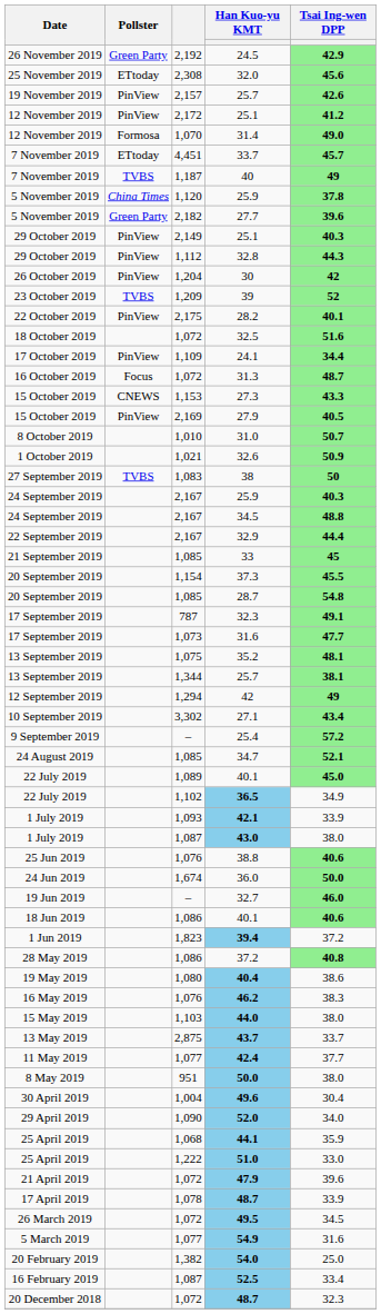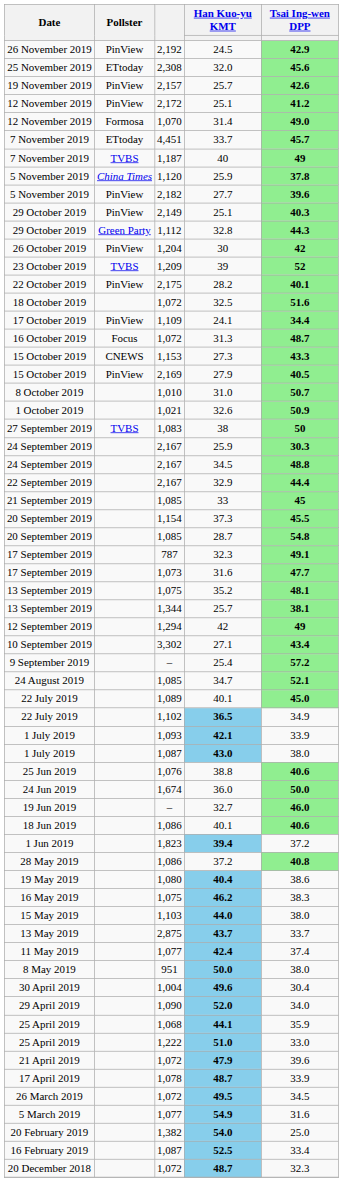 <table class="wikitable sortable collapsible" style="font-size:95%; text-align:center">
 <tr>
 <th rowspan=2>Date</th>
 <th rowspan=2>Pollster</th>
 <th rowspan=2></th>
 <th width=100px><a href='#'>Han Kuo-yu</a><br><a href='#'>KMT</a></th>
 <th width=100px><a href='#'>Tsai Ing-wen</a><br><a href='#'>DPP</a></th>
 </tr>
 <tr>
 <th style="background:"></th>
 <th style="background:"></th>
 </tr>
 <tr>
 <td>26 November 2019</td>
-<td><a href='#'>Green Party</a></td>
+<td>PinView</td>
 <td>2,192</td>
 <td>24.5</td>
 <td bgcolor="#90ee90"><strong>42.9</strong></td>
 </tr>
 <tr>
 <td>25 November 2019</td>
 <td>ETtoday</td>
 <td>2,308</td>
 <td>32.0</td>
 <td bgcolor="#90ee90"><strong>45.6</strong></td>
 </tr>
 <tr>
 <td>19 November 2019</td>
 <td>PinView</td>
 <td>2,157</td>
 <td>25.7</td>
 <td bgcolor="#90ee90"><strong>42.6</strong></td>
 </tr>
 <tr>
 <td>12 November 2019</td>
 <td>PinView</td>
 <td>2,172</td>
 <td>25.1</td>
 <td bgcolor="#90ee90"><strong>41.2</strong></td>
 </tr>
 <tr>
 <td>12 November 2019</td>
 <td>Formosa</td>
 <td>1,070</td>
 <td>31.4</td>
 <td bgcolor="#90ee90"><strong>49.0</strong></td>
 </tr>
 <tr>
 <td>7 November 2019</td>
 <td>ETtoday</td>
 <td>4,451</td>
 <td>33.7</td>
 <td bgcolor="#90ee90"><strong>45.7</strong></td>
 </tr>
 <tr>
 <td>7 November 2019</td>
 <td><a href='#'>TVBS</a></td>
 <td>1,187</td>
 <td>40</td>
 <td bgcolor="#90ee90"><strong>49</strong></td>
 </tr>
 <tr>
 <td>5 November 2019</td>
 <td><em><a href='#'>China Times</a></em></td>
 <td>1,120</td>
 <td>25.9</td>
 <td bgcolor="#90ee90"><strong>37.8</strong></td>
 </tr>
 <tr>
 <td>5 November 2019</td>
-<td><a href='#'>Green Party</a></td>
+<td>PinView</td>
 <td>2,182</td>
 <td>27.7</td>
 <td bgcolor="#90ee90"><strong>39.6</strong></td>
 </tr>
 <tr>
 <td>29 October 2019</td>
 <td>PinView</td>
 <td>2,149</td>
 <td>25.1</td>
 <td bgcolor="#90ee90"><strong>40.3</strong></td>
 </tr>
 <tr>
 <td>29 October 2019</td>
-<td>PinView</td>
+<td><a href='#'>Green Party</a></td>
 <td>1,112</td>
 <td>32.8</td>
 <td bgcolor="#90ee90"><strong>44.3</strong></td>
 </tr>
 <tr>
 <td>26 October 2019</td>
 <td>PinView</td>
 <td>1,204</td>
 <td>30</td>
 <td bgcolor="#90ee90"><strong>42</strong></td>
 </tr>
 <tr>
 <td>23 October 2019</td>
 <td><a href='#'>TVBS</a></td>
 <td>1,209</td>
 <td>39</td>
 <td bgcolor="#90ee90"><strong>52</strong></td>
 </tr>
 <tr>
 <td>22 October 2019</td>
 <td>PinView</td>
 <td>2,175</td>
 <td>28.2</td>
 <td bgcolor="#90ee90"><strong>40.1</strong></td>
 </tr>
 <tr>
 <td>18 October 2019</td>
 <td></td>
 <td>1,072</td>
 <td>32.5</td>
 <td bgcolor="#90ee90"><strong>51.6</strong></td>
 </tr>
 <tr>
 <td>17 October 2019</td>
 <td>PinView</td>
 <td>1,109</td>
 <td>24.1</td>
 <td bgcolor="#90ee90"><strong>34.4</strong></td>
 </tr>
 <tr>
 <td>16 October 2019</td>
 <td>Focus </td>
 <td>1,072</td>
 <td>31.3</td>
 <td bgcolor="#90ee90"><strong>48.7</strong></td>
 </tr>
 <tr>
 <td>15 October 2019</td>
 <td>CNEWS </td>
 <td>1,153</td>
 <td>27.3</td>
 <td bgcolor="#90ee90"><strong>43.3</strong></td>
 </tr>
 <tr>
 <td>15 October 2019</td>
 <td>PinView </td>
 <td>2,169</td>
 <td>27.9</td>
 <td bgcolor="#90ee90"><strong>40.5</strong></td>
 </tr>
 <tr>
 <td>8 October 2019</td>
 <td></td>
 <td>1,010</td>
 <td>31.0</td>
 <td bgcolor="#90ee90"><strong>50.7</strong></td>
 </tr>
 <tr>
 <td>1 October 2019</td>
 <td></td>
 <td>1,021</td>
 <td>32.6</td>
 <td bgcolor="#90ee90"><strong>50.9</strong></td>
 </tr>
 <tr>
 <td>27 September 2019</td>
 <td><a href='#'>TVBS</a></td>
 <td>1,083</td>
 <td>38</td>
 <td bgcolor="#90ee90"><strong>50</strong></td>
 </tr>
 <tr>
 <td>24 September 2019</td>
 <td></td>
 <td>2,167</td>
 <td>25.9</td>
-<td bgcolor="#90ee90"><strong>40.3</strong></td>
+<td bgcolor="#90ee90"><strong>30.3</strong></td>
 </tr>
 <tr>
 <td>24 September 2019</td>
 <td></td>
 <td>2,167</td>
 <td>34.5</td>
 <td bgcolor="#90ee90"><strong>48.8</strong></td>
 </tr>
 <tr>
 <td>22 September 2019</td>
 <td></td>
 <td>2,167</td>
 <td>32.9</td>
 <td bgcolor="#90ee90"><strong>44.4</strong></td>
 </tr>
 <tr>
 <td>21 September 2019</td>
 <td></td>
 <td>1,085</td>
 <td>33</td>
 <td bgcolor="#90ee90"><strong>45</strong></td>
 </tr>
 <tr>
 <td>20 September 2019</td>
 <td></td>
 <td>1,154</td>
 <td>37.3</td>
 <td bgcolor="#90ee90"><strong>45.5</strong></td>
 </tr>
 <tr>
 <td>20 September 2019</td>
 <td></td>
 <td>1,085</td>
 <td>28.7</td>
 <td bgcolor="#90ee90"><strong>54.8</strong></td>
 </tr>
 <tr>
 <td>17 September 2019</td>
 <td></td>
 <td>787</td>
 <td>32.3</td>
 <td bgcolor="#90ee90"><strong>49.1</strong></td>
 </tr>
 <tr>
 <td>17 September 2019</td>
 <td></td>
 <td>1,073</td>
 <td>31.6</td>
 <td bgcolor="#90ee90"><strong>47.7</strong></td>
 </tr>
 <tr>
 <td>13 September 2019</td>
 <td></td>
 <td>1,075</td>
 <td>35.2</td>
 <td bgcolor="#90ee90"><strong>48.1</strong></td>
 </tr>
 <tr>
 <td>13 September 2019</td>
 <td></td>
 <td>1,344</td>
 <td>25.7</td>
 <td bgcolor="#90ee90"><strong>38.1</strong></td>
 </tr>
 <tr>
 <td>12 September 2019</td>
 <td></td>
 <td>1,294</td>
 <td>42</td>
 <td bgcolor="#90ee90"><strong>49</strong></td>
 </tr>
 <tr>
 <td>10 September 2019</td>
 <td></td>
 <td>3,302</td>
 <td>27.1</td>
 <td bgcolor="#90ee90"><strong>43.4</strong></td>
 </tr>
 <tr>
 <td>9 September 2019</td>
 <td></td>
 <td>–</td>
 <td>25.4</td>
 <td bgcolor="#90ee90"><strong>57.2</strong></td>
 </tr>
 <tr>
 <td>24 August 2019</td>
 <td></td>
 <td>1,085</td>
 <td>34.7</td>
 <td bgcolor="#90ee90"><strong>52.1</strong></td>
 </tr>
 <tr>
 <td>22 July 2019</td>
 <td></td>
 <td>1,089</td>
 <td>40.1</td>
 <td bgcolor="#90ee90"><strong>45.0</strong></td>
 </tr>
 <tr>
 <td>22 July 2019</td>
 <td></td>
 <td>1,102</td>
 <td bgcolor="#87ceeb"><strong>36.5</strong></td>
 <td>34.9</td>
 </tr>
 <tr>
 <td>1 July 2019</td>
 <td></td>
 <td>1,093</td>
 <td bgcolor="#87ceeb"><strong>42.1</strong></td>
 <td>33.9</td>
 </tr>
 <tr>
 <td>1 July 2019</td>
 <td></td>
 <td>1,087</td>
 <td bgcolor="#87ceeb"><strong>43.0</strong></td>
 <td>38.0</td>
 </tr>
 <tr>
 <td>25 Jun 2019</td>
 <td></td>
 <td>1,076</td>
 <td>38.8</td>
 <td bgcolor="#90ee90"><strong>40.6</strong></td>
 </tr>
 <tr>
 <td>24 Jun 2019</td>
 <td></td>
 <td>1,674</td>
 <td>36.0</td>
 <td bgcolor="#90ee90"><strong>50.0</strong></td>
 </tr>
 <tr>
 <td>19 Jun 2019</td>
 <td></td>
 <td>–</td>
 <td>32.7</td>
 <td bgcolor="#90ee90"><strong>46.0</strong></td>
 </tr>
 <tr>
 <td>18 Jun 2019</td>
 <td></td>
 <td>1,086</td>
 <td>40.1</td>
 <td bgcolor="#90ee90"><strong>40.6</strong></td>
 </tr>
 <tr>
 <td>1 Jun 2019</td>
 <td></td>
 <td>1,823</td>
 <td style="background-color:skyblue;"><strong>39.4</strong></td>
 <td>37.2</td>
 </tr>
 <tr>
 <td>28 May 2019</td>
 <td></td>
 <td>1,086</td>
 <td>37.2</td>
 <td style="background-color:lightgreen;"><strong>40.8</strong></td>
 </tr>
 <tr>
 <td>19 May 2019</td>
 <td></td>
 <td>1,080</td>
 <td style="background-color:skyblue;"><strong>40.4</strong></td>
 <td>38.6</td>
 </tr>
 <tr>
 <td>16 May 2019</td>
 <td></td>
-<td>1,076</td>
+<td>1,075</td>
 <td style="background-color:skyblue;"><strong>46.2</strong></td>
 <td>38.3</td>
 </tr>
 <tr>
 <td>15 May 2019</td>
 <td></td>
 <td>1,103</td>
 <td style="background-color:skyblue;"><strong>44.0</strong></td>
 <td>38.0</td>
 </tr>
 <tr>
 <td>13 May 2019</td>
 <td></td>
 <td>2,875</td>
 <td style="background-color:skyblue;"><strong>43.7</strong></td>
 <td>33.7</td>
 </tr>
 <tr>
 <td>11 May 2019</td>
 <td></td>
 <td>1,077</td>
 <td style="background-color:skyblue;"><strong>42.4</strong></td>
-<td>37.7</td>
+<td>37.4</td>
 </tr>
 <tr>
 <td>8 May 2019</td>
 <td></td>
 <td>951</td>
 <td style="background-color:skyblue;"><strong>50.0</strong></td>
 <td>38.0</td>
 </tr>
 <tr>
 <td>30 April 2019</td>
 <td></td>
 <td>1,004</td>
 <td style="background-color:skyblue;"><strong>49.6</strong></td>
 <td>30.4</td>
 </tr>
 <tr>
 <td>29 April 2019</td>
 <td></td>
 <td>1,090</td>
 <td style="background-color:skyblue;"><strong>52.0</strong></td>
 <td>34.0</td>
 </tr>
 <tr>
 <td>25 April 2019</td>
 <td></td>
 <td>1,068</td>
 <td style="background-color:skyblue;"><strong>44.1</strong></td>
 <td>35.9</td>
 </tr>
 <tr>
 <td>25 April 2019</td>
 <td></td>
 <td>1,222</td>
 <td style="background-color:skyblue;"><strong>51.0</strong></td>
 <td>33.0</td>
 </tr>
 <tr>
 <td>21 April 2019</td>
 <td></td>
 <td>1,072</td>
 <td style="background-color:skyblue;"><strong>47.9</strong></td>
 <td>39.6</td>
 </tr>
 <tr>
 <td>17 April 2019</td>
 <td></td>
 <td>1,078</td>
 <td style="background-color:skyblue;"><strong>48.7</strong></td>
 <td>33.9</td>
 </tr>
 <tr>
 <td>26 March 2019</td>
 <td></td>
 <td>1,072</td>
 <td style="background-color:skyblue;"><strong>49.5</strong></td>
 <td>34.5</td>
 </tr>
 <tr>
 <td>5 March 2019</td>
 <td></td>
 <td>1,077</td>
 <td style="background-color:skyblue;"><strong>54.9</strong></td>
 <td>31.6</td>
 </tr>
 <tr>
 <td>20 February 2019</td>
 <td></td>
 <td>1,382</td>
 <td style="background-color:skyblue;"><strong>54.0</strong></td>
 <td>25.0</td>
 </tr>
 <tr>
 <td>16 February 2019</td>
 <td></td>
 <td>1,087</td>
 <td style="background-color:skyblue;"><strong>52.5</strong></td>
 <td>33.4</td>
 </tr>
 <tr>
 <td>20 December 2018</td>
 <td></td>
 <td>1,072</td>
 <td style="background-color:skyblue;"><strong>48.7</strong></td>
 <td>32.3</td>
 </tr>
 <tr>
 </tr>
 </table>
